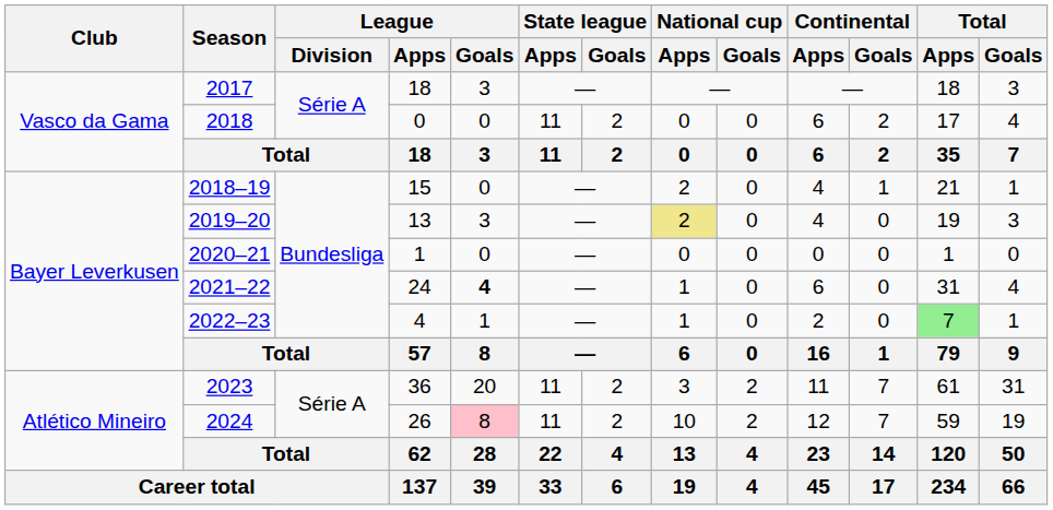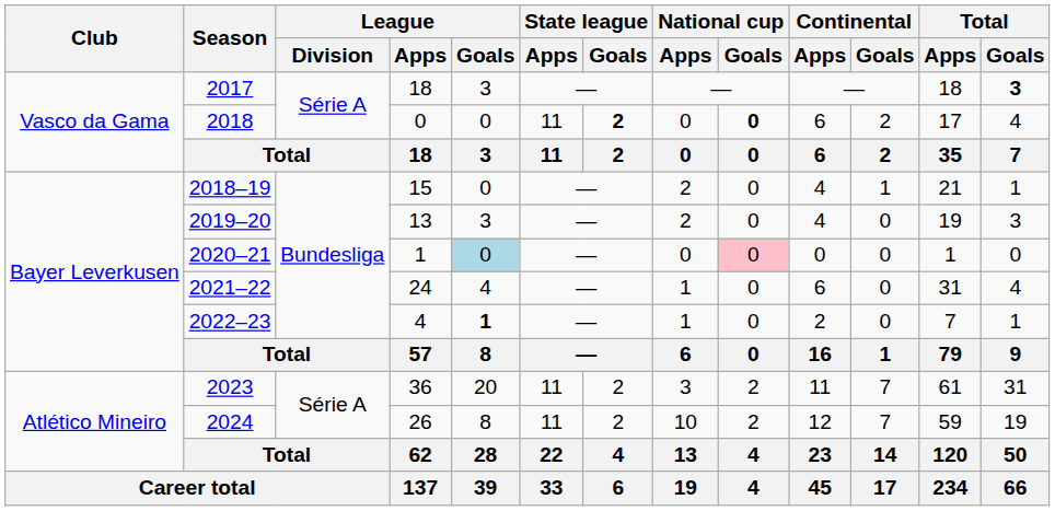 <table class="wikitable" style="text-align:center">
 <tr>
 <th rowspan="2">Club</th>
 <th rowspan="2">Season</th>
 <th colspan="3">League</th>
 <th colspan="2">State league</th>
 <th colspan="2">National cup</th>
 <th colspan="2">Continental</th>
 <th colspan="2">Total</th>
 </tr>
 <tr>
 <th>Division</th>
 <th>Apps</th>
 <th>Goals</th>
 <th>Apps</th>
 <th>Goals</th>
 <th>Apps</th>
 <th>Goals</th>
 <th>Apps</th>
 <th>Goals</th>
 <th>Apps</th>
 <th>Goals</th>
 </tr>
 <tr>
 <td rowspan="3"><a href='#'>Vasco da Gama</a></td>
 <td><a href='#'>2017</a></td>
 <td rowspan="2"><a href='#'>Série A</a></td>
 <td>18</td>
 <td>3</td>
 <td colspan="2">—</td>
 <td colspan="2">—</td>
 <td colspan="2">—</td>
 <td>18</td>
-<td>3</td>
+<td><strong>3</strong></td>
 </tr>
 <tr>
 <td><a href='#'>2018</a></td>
 <td>0</td>
 <td>0</td>
 <td>11</td>
-<td>2</td>
+<td><strong>2</strong></td>
 <td>0</td>
-<td>0</td>
+<td><strong>0</strong></td>
 <td>6</td>
 <td>2</td>
 <td>17</td>
 <td>4</td>
 </tr>
 <tr>
 <th colspan="2">Total</th>
 <th>18</th>
 <th>3</th>
 <th>11</th>
 <th>2</th>
 <th>0</th>
 <th>0</th>
 <th>6</th>
 <th>2</th>
 <th>35</th>
 <th>7</th>
 </tr>
 <tr>
 <td rowspan="6"><a href='#'>Bayer Leverkusen</a></td>
 <td><a href='#'>2018–19</a></td>
 <td rowspan="5"><a href='#'>Bundesliga</a></td>
 <td>15</td>
 <td>0</td>
 <td colspan="2">—</td>
 <td>2</td>
 <td>0</td>
 <td>4</td>
 <td>1</td>
 <td>21</td>
 <td>1</td>
 </tr>
 <tr>
 <td><a href='#'>2019–20</a></td>
 <td>13</td>
 <td>3</td>
 <td colspan="2">—</td>
-<td style="background: khaki;">2</td>
+<td>2</td>
 <td>0</td>
 <td>4</td>
 <td>0</td>
 <td>19</td>
 <td>3</td>
 </tr>
 <tr>
 <td><a href='#'>2020–21</a></td>
 <td>1</td>
-<td>0</td>
+<td style="background: lightblue;">0</td>
 <td colspan="2">—</td>
 <td>0</td>
-<td>0</td>
+<td style="background: pink;">0</td>
 <td>0</td>
 <td>0</td>
 <td>1</td>
 <td>0</td>
 </tr>
 <tr>
 <td><a href='#'>2021–22</a></td>
 <td>24</td>
-<td><strong>4</strong></td>
+<td>4</td>
 <td colspan="2">—</td>
 <td>1</td>
 <td>0</td>
 <td>6</td>
 <td>0</td>
 <td>31</td>
 <td>4</td>
 </tr>
 <tr>
 <td><a href='#'>2022–23</a></td>
 <td>4</td>
-<td>1</td>
+<td><strong>1</strong></td>
 <td colspan="2">—</td>
 <td>1</td>
 <td>0</td>
 <td>2</td>
 <td>0</td>
-<td style="background: lightgreen;">7</td>
+<td>7</td>
 <td>1</td>
 </tr>
 <tr>
 <th colspan="2">Total</th>
 <th>57</th>
 <th>8</th>
 <th colspan="2">—</th>
 <th>6</th>
 <th>0</th>
 <th>16</th>
 <th>1</th>
 <th>79</th>
 <th>9</th>
 </tr>
 <tr>
 <td rowspan="3"><a href='#'>Atlético Mineiro</a></td>
 <td><a href='#'>2023</a></td>
 <td rowspan="2">Série A</td>
 <td>36</td>
 <td>20</td>
 <td>11</td>
 <td>2</td>
 <td>3</td>
 <td>2</td>
 <td>11</td>
 <td>7</td>
 <td>61</td>
 <td>31</td>
 </tr>
 <tr>
 <td><a href='#'>2024</a></td>
 <td>26</td>
-<td style="background: pink;">8</td>
+<td>8</td>
 <td>11</td>
 <td>2</td>
 <td>10</td>
 <td>2</td>
 <td>12</td>
 <td>7</td>
 <td>59</td>
 <td>19</td>
 </tr>
 <tr>
 <th colspan="2">Total</th>
 <th>62</th>
 <th>28</th>
 <th>22</th>
 <th>4</th>
 <th>13</th>
 <th>4</th>
 <th>23</th>
 <th>14</th>
 <th>120</th>
 <th>50</th>
 </tr>
 <tr>
 <th colspan="3">Career total</th>
 <th>137</th>
 <th>39</th>
 <th>33</th>
 <th>6</th>
 <th>19</th>
 <th>4</th>
 <th>45</th>
 <th>17</th>
 <th>234</th>
 <th>66</th>
 </tr>
 </table>
